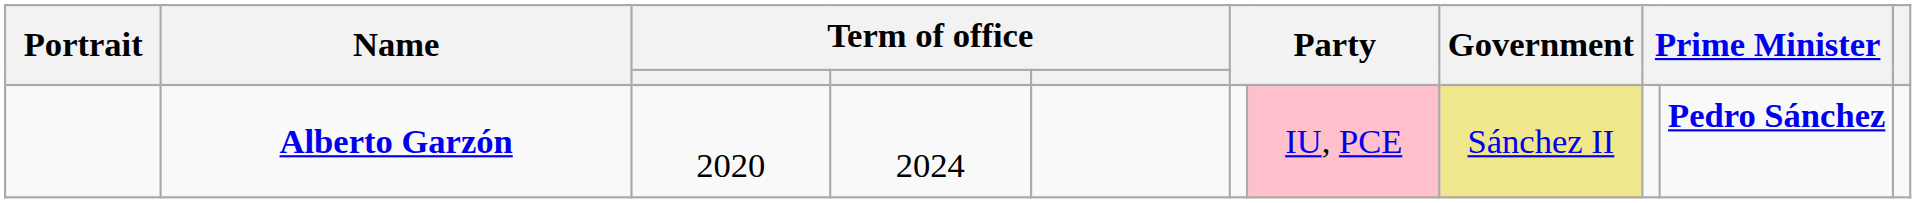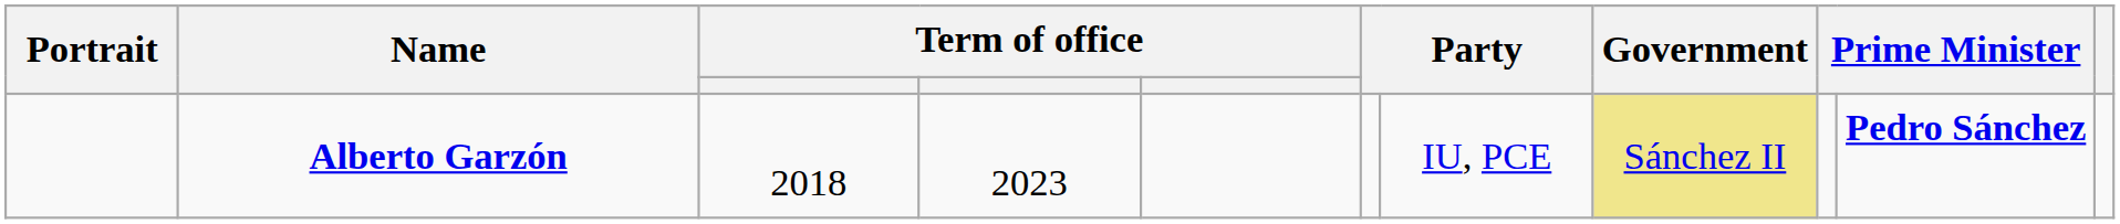 <table class="wikitable" style="line-height:1.4em; text-align:center; border:1px #aaf solid;">
 <tr>
 <th rowspan="2" width="65">Portrait</th>
 <th rowspan="2" width="210">Name<br></th>
 <th colspan="3">Term of office</th>
 <th rowspan="2" colspan="2" width="90">Party</th>
 <th rowspan="2">Government</th>
 <th rowspan="2" colspan="2"><a href='#'>Prime Minister</a><br></th>
 <th rowspan="2"></th>
 </tr>
 <tr>
 <th width="85"></th>
 <th width="85"></th>
 <th width="85"></th>
 </tr>
 <tr>
 <td></td>
 <td><strong><a href='#'>Alberto Garzón</a></strong><br></td>
-<td class="nowrap"><br>2020</td>
-<td class="nowrap"><br>2024</td>
+<td class="nowrap"><br>2018</td>
+<td class="nowrap"><br>2023</td>
 <td style="font-size:95%;"></td>
 <td width="1" style="color:inherit;background:"></td>
-<td style="background: pink;"><a href='#'>IU</a>, <a href='#'>PCE</a></td>
+<td><a href='#'>IU</a>, <a href='#'>PCE</a></td>
 <td style="background: khaki;"><a href='#'>Sánchez II</a></td>
 <td width="1" style="color:inherit;background:"></td>
 <td><strong><a href='#'>Pedro Sánchez</a></strong><br><br></td>
 <td align="center"><br></td>
 </tr>
 </table>
